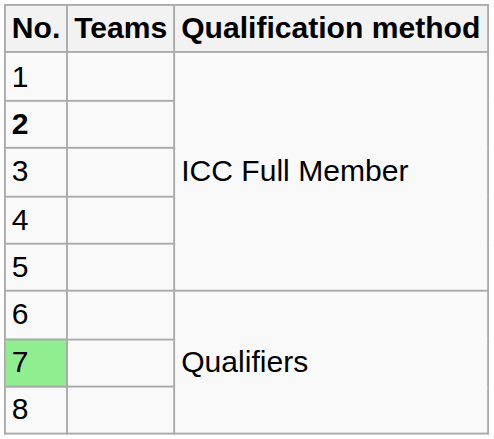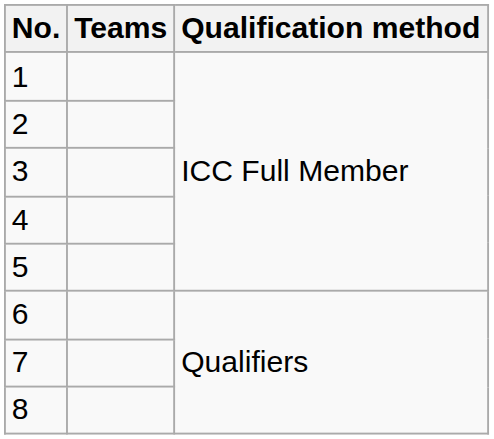 <table class="wikitable">
 <tr>
 <th>No.</th>
 <th>Teams</th>
 <th>Qualification method</th>
 </tr>
 <tr>
 <td>1</td>
 <td></td>
 <td rowspan=5>ICC Full Member</td>
 </tr>
 <tr>
-<td><strong>2</strong></td>
+<td>2</td>
 <td></td>
 </tr>
 <tr>
 <td>3</td>
 <td></td>
 </tr>
 <tr>
 <td>4</td>
 <td></td>
 </tr>
 <tr>
 <td>5</td>
 <td></td>
 </tr>
 <tr>
 <td>6</td>
 <td></td>
 <td rowspan=3>Qualifiers</td>
 </tr>
 <tr>
-<td style="background: lightgreen;">7</td>
+<td>7</td>
 <td></td>
 </tr>
 <tr>
 <td>8</td>
 <td></td>
 </tr>
 </table>
